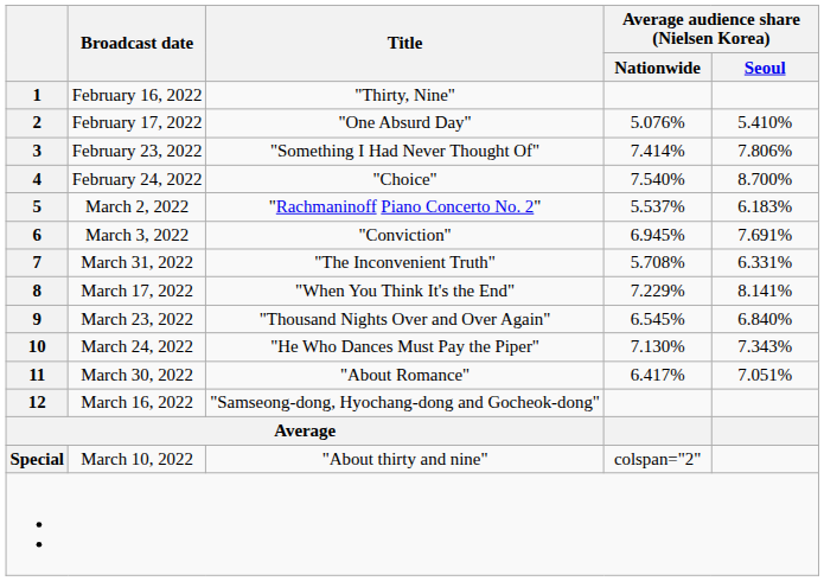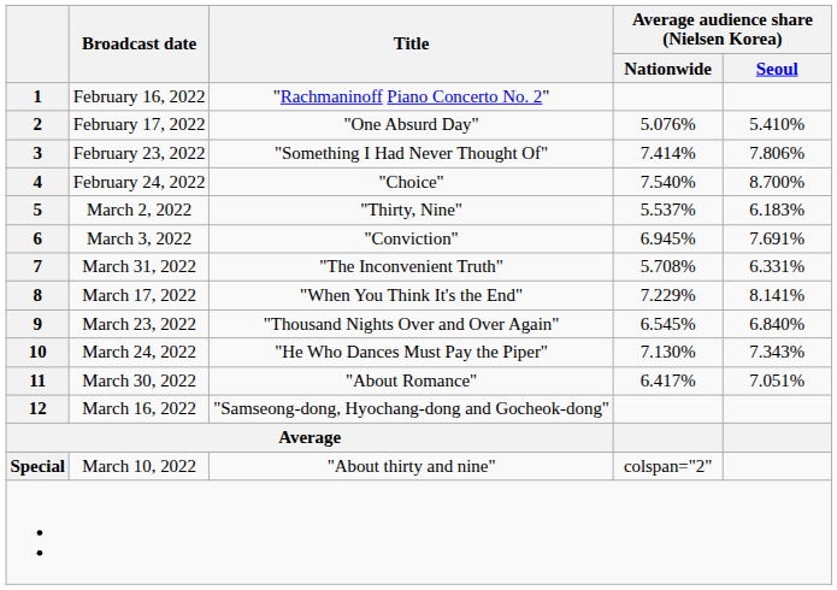 <table class="wikitable" style="text-align:center; max-width:760px; margin-left: auto; margin-right: auto">
 <tr>
 <th rowspan="2"></th>
 <th rowspan="2">Broadcast date</th>
 <th rowspan="2">Title</th>
 <th colspan="2">Average audience share (Nielsen Korea)</th>
 </tr>
 <tr>
 <th width="90">Nationwide</th>
 <th width="90"><a href='#'>Seoul</a></th>
 </tr>
 <tr>
 <th scope="row">1</th>
 <td>February 16, 2022</td>
-<td>"Thirty, Nine"</td>
+<td>"<a href='#'>Rachmaninoff</a> <a href='#'>Piano Concerto No. 2</a>"</td>
 <td> </td>
 <td> </td>
 </tr>
 <tr>
 <th scope="row">2</th>
 <td>February 17, 2022</td>
 <td>"One Absurd Day"</td>
 <td>5.076% </td>
 <td>5.410% </td>
 </tr>
 <tr>
 <th scope="row">3</th>
 <td>February 23, 2022</td>
 <td>"Something I Had Never Thought Of"</td>
 <td>7.414% </td>
 <td>7.806% </td>
 </tr>
 <tr>
 <th scope="row">4</th>
 <td>February 24, 2022</td>
 <td>"Choice"</td>
 <td>7.540% </td>
 <td>8.700% </td>
 </tr>
 <tr>
 <th scope="row">5</th>
 <td>March 2, 2022</td>
-<td>"<a href='#'>Rachmaninoff</a> <a href='#'>Piano Concerto No. 2</a>"</td>
+<td>"Thirty, Nine"</td>
 <td>5.537% </td>
 <td>6.183% </td>
 </tr>
 <tr>
 <th scope="row">6</th>
 <td>March 3, 2022</td>
 <td>"Conviction"</td>
 <td>6.945% </td>
 <td>7.691% </td>
 </tr>
 <tr>
 <th scope="row">7</th>
 <td>March 31, 2022</td>
 <td>"The Inconvenient Truth"</td>
 <td>5.708% </td>
 <td>6.331% </td>
 </tr>
 <tr>
 <th scope="row">8</th>
 <td>March 17, 2022</td>
 <td>"When You Think It's the End"</td>
 <td>7.229% </td>
 <td>8.141% </td>
 </tr>
 <tr>
 <th scope="row">9</th>
 <td>March 23, 2022</td>
 <td>"Thousand Nights Over and Over Again"</td>
 <td>6.545% </td>
 <td>6.840% </td>
 </tr>
 <tr>
 <th scope="row">10</th>
 <td>March 24, 2022</td>
 <td>"He Who Dances Must Pay the Piper"</td>
 <td>7.130% </td>
 <td>7.343% </td>
 </tr>
 <tr>
 <th scope="row">11</th>
 <td>March 30, 2022</td>
 <td>"About Romance"</td>
 <td>6.417% </td>
 <td>7.051% </td>
 </tr>
 <tr>
 <th scope="row">12</th>
 <td>March 16, 2022 </td>
 <td>"Samseong-dong, Hyochang-dong and Gocheok-dong"</td>
 <td> </td>
 <td> </td>
 </tr>
 <tr>
 <th scope="col" colspan="3">Average</th>
 <th scope="col"></th>
 <th scope="col"></th>
 </tr>
 <tr>
 <th scope="row">Special</th>
 <td>March 10, 2022</td>
 <td>"About thirty and nine"</td>
 <td>colspan="2" </td>
 </tr>
 <tr>
 <td colspan="5"><br><ul><li></li><li></li></ul></td>
 </tr>
 </table>
